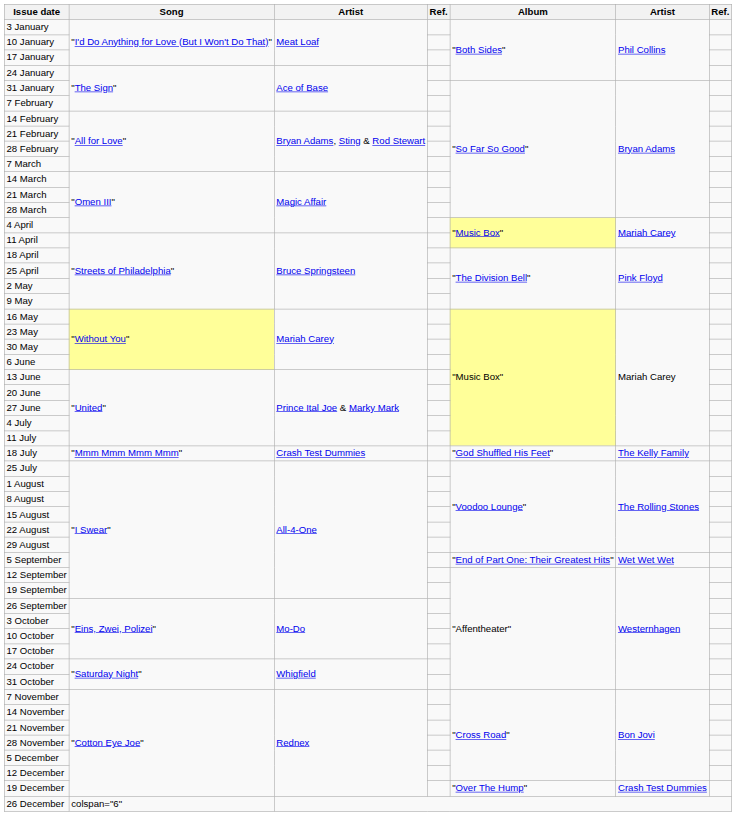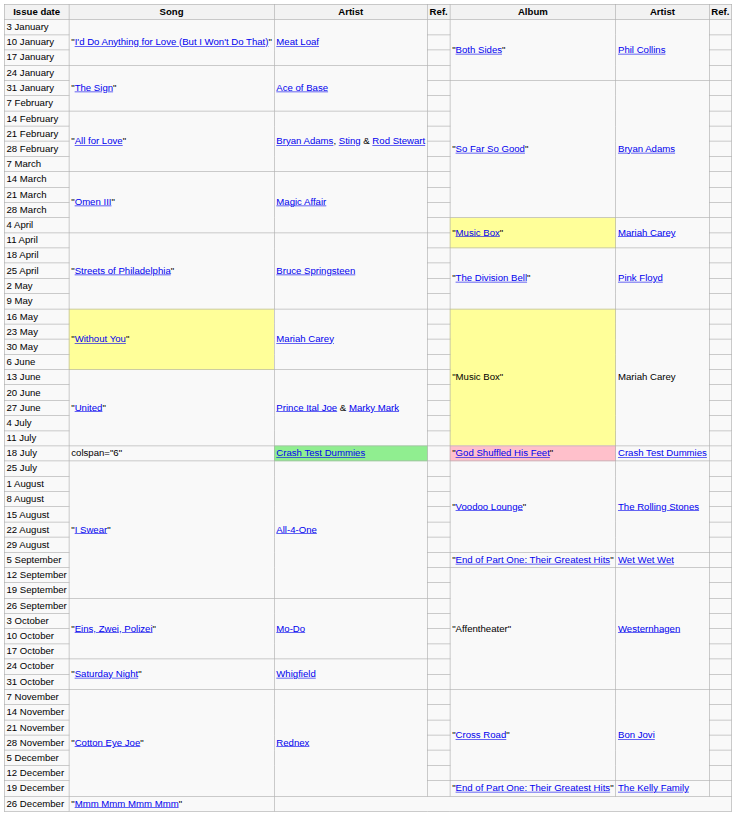 <table class="sortable wikitable">
 <tr>
 <th>Issue date</th>
 <th>Song</th>
 <th>Artist</th>
 <th>Ref.</th>
 <th>Album</th>
 <th>Artist</th>
 <th>Ref.</th>
 </tr>
 <tr>
 <td>3 January</td>
 <td rowspan="3">"<a href='#'>I'd Do Anything for Love (But I Won't Do That)</a>"</td>
 <td rowspan="3"><a href='#'>Meat Loaf</a></td>
 <td align="center"></td>
 <td rowspan="4">"<a href='#'>Both Sides</a>"</td>
 <td rowspan="4"><a href='#'>Phil Collins</a></td>
 <td align="center"></td>
 </tr>
 <tr>
 <td>10 January</td>
 <td align="center"></td>
 <td align="center"></td>
 </tr>
 <tr>
 <td>17 January</td>
 <td align="center"></td>
 <td align="center"></td>
 </tr>
 <tr>
 <td>24 January</td>
 <td rowspan="3">"<a href='#'>The Sign</a>"</td>
 <td rowspan="3"><a href='#'>Ace of Base</a></td>
 <td align="center"></td>
 <td align="center"></td>
 </tr>
 <tr>
 <td>31 January</td>
 <td align="center"></td>
 <td rowspan="9">"<a href='#'>So Far So Good</a>"</td>
 <td rowspan="9"><a href='#'>Bryan Adams</a></td>
 <td align="center"></td>
 </tr>
 <tr>
 <td>7 February</td>
 <td align="center"></td>
 <td align="center"></td>
 </tr>
 <tr>
 <td>14 February</td>
 <td rowspan="4">"<a href='#'>All for Love</a>"</td>
 <td rowspan="4"><a href='#'>Bryan Adams</a>, <a href='#'>Sting</a> & <a href='#'>Rod Stewart</a></td>
 <td align="center"></td>
 <td align="center"></td>
 </tr>
 <tr>
 <td>21 February</td>
 <td align="center"></td>
 <td align="center"></td>
 </tr>
 <tr>
 <td>28 February</td>
 <td align="center"></td>
 <td align="center"></td>
 </tr>
 <tr>
 <td>7 March</td>
 <td align="center"></td>
 <td align="center"></td>
 </tr>
 <tr>
 <td>14 March</td>
 <td rowspan="4">"<a href='#'>Omen III</a>"</td>
 <td rowspan="4"><a href='#'>Magic Affair</a></td>
 <td align="center"></td>
 <td align="center"></td>
 </tr>
 <tr>
 <td>21 March</td>
 <td align="center"></td>
 <td align="center"></td>
 </tr>
 <tr>
 <td>28 March</td>
 <td align="center"></td>
 <td align="center"></td>
 </tr>
 <tr>
 <td>4 April</td>
 <td align="center"></td>
 <td bgcolor=#FFFF99  rowspan="2">"<a href='#'>Music Box</a>" </td>
 <td rowspan="2"><a href='#'>Mariah Carey</a></td>
 <td align="center"></td>
 </tr>
 <tr>
 <td>11 April</td>
 <td rowspan="5">"<a href='#'>Streets of Philadelphia</a>"</td>
 <td rowspan="5"><a href='#'>Bruce Springsteen</a></td>
 <td align="center"></td>
 <td align="center"></td>
 </tr>
 <tr>
 <td>18 April</td>
 <td align="center"></td>
 <td rowspan="4">"<a href='#'>The Division Bell</a>"</td>
 <td rowspan="4"><a href='#'>Pink Floyd</a></td>
 <td align="center"></td>
 </tr>
 <tr>
 <td>25 April</td>
 <td align="center"></td>
 <td align="center"></td>
 </tr>
 <tr>
 <td>2 May</td>
 <td align="center"></td>
 <td align="center"></td>
 </tr>
 <tr>
 <td>9 May</td>
 <td align="center"></td>
 <td align="center"></td>
 </tr>
 <tr>
 <td>16 May</td>
 <td bgcolor=#FFFF99  rowspan="4">"<a href='#'>Without You</a>" </td>
 <td rowspan="4"><a href='#'>Mariah Carey</a></td>
 <td align="center"></td>
 <td bgcolor=#FFFF99  rowspan="9">"Music Box" </td>
 <td rowspan="9">Mariah Carey</td>
 <td align="center"></td>
 </tr>
 <tr>
 <td>23 May</td>
 <td align="center"></td>
 <td align="center"></td>
 </tr>
 <tr>
 <td>30 May</td>
 <td align="center"></td>
 <td align="center"></td>
 </tr>
 <tr>
 <td>6 June</td>
 <td align="center"></td>
 <td align="center"></td>
 </tr>
 <tr>
 <td>13 June</td>
 <td rowspan="5">"<a href='#'>United</a>"</td>
 <td rowspan="5"><a href='#'>Prince Ital Joe</a> & <a href='#'>Marky Mark</a></td>
 <td align="center"></td>
 <td align="center"></td>
 </tr>
 <tr>
 <td>20 June</td>
 <td align="center"></td>
 <td align="center"></td>
 </tr>
 <tr>
 <td>27 June</td>
 <td align="center"></td>
 <td align="center"></td>
 </tr>
 <tr>
 <td>4 July</td>
 <td align="center"></td>
 <td align="center"></td>
 </tr>
 <tr>
 <td>11 July</td>
 <td align="center"></td>
 <td align="center"></td>
 </tr>
 <tr>
 <td>18 July</td>
-<td>"<a href='#'>Mmm Mmm Mmm Mmm</a>"</td>
+<td>colspan="6" </td>
+<td style="background: lightgreen;"><a href='#'>Crash Test Dummies</a></td>
+<td align="center"></td>
+<td style="background: pink;">"<a href='#'>God Shuffled His Feet</a>"</td>
 <td><a href='#'>Crash Test Dummies</a></td>
-<td align="center"></td>
-<td>"<a href='#'>God Shuffled His Feet</a>"</td>
-<td><a href='#'>The Kelly Family</a></td>
 <td align="center"></td>
 </tr>
 <tr>
 <td>25 July</td>
 <td rowspan="9">"<a href='#'>I Swear</a>"</td>
 <td rowspan="9"><a href='#'>All-4-One</a></td>
 <td align="center"></td>
 <td rowspan="6">"<a href='#'>Voodoo Lounge</a>"</td>
 <td rowspan="6"><a href='#'>The Rolling Stones</a></td>
 <td align="center"></td>
 </tr>
 <tr>
 <td>1 August</td>
 <td align="center"></td>
 <td align="center"></td>
 </tr>
 <tr>
 <td>8 August</td>
 <td align="center"></td>
 <td align="center"></td>
 </tr>
 <tr>
 <td>15 August</td>
 <td align="center"></td>
 <td align="center"></td>
 </tr>
 <tr>
 <td>22 August</td>
 <td align="center"></td>
 <td align="center"></td>
 </tr>
 <tr>
 <td>29 August</td>
 <td align="center"></td>
 <td align="center"></td>
 </tr>
 <tr>
 <td>5 September</td>
 <td align="center"></td>
 <td>"<a href='#'>End of Part One: Their Greatest Hits</a>"</td>
 <td><a href='#'>Wet Wet Wet</a></td>
 <td align="center"></td>
 </tr>
 <tr>
 <td>12 September</td>
 <td align="center"></td>
 <td rowspan="8">"Affentheater"</td>
 <td rowspan="8"><a href='#'>Westernhagen</a></td>
 <td align="center"></td>
 </tr>
 <tr>
 <td>19 September</td>
 <td align="center"></td>
 <td align="center"></td>
 </tr>
 <tr>
 <td>26 September</td>
 <td rowspan="4">"<a href='#'>Eins, Zwei, Polizei</a>"</td>
 <td rowspan="4"><a href='#'>Mo-Do</a></td>
 <td align="center"></td>
 <td align="center"></td>
 </tr>
 <tr>
 <td>3 October</td>
 <td align="center"></td>
 <td align="center"></td>
 </tr>
 <tr>
 <td>10 October</td>
 <td align="center"></td>
 <td align="center"></td>
 </tr>
 <tr>
 <td>17 October</td>
 <td align="center"></td>
 <td align="center"></td>
 </tr>
 <tr>
 <td>24 October</td>
 <td rowspan="2">"<a href='#'>Saturday Night</a>"</td>
 <td rowspan="2"><a href='#'>Whigfield</a></td>
 <td align="center"></td>
 <td align="center"></td>
 </tr>
 <tr>
 <td>31 October</td>
 <td align="center"></td>
 <td align="center"></td>
 </tr>
 <tr>
 <td>7 November</td>
 <td rowspan="7">"<a href='#'>Cotton Eye Joe</a>"</td>
 <td rowspan="7"><a href='#'>Rednex</a></td>
 <td align="center"></td>
 <td rowspan="6">"<a href='#'>Cross Road</a>"</td>
 <td rowspan="6"><a href='#'>Bon Jovi</a></td>
 <td align="center"></td>
 </tr>
 <tr>
 <td>14 November</td>
 <td align="center"></td>
 <td align="center"></td>
 </tr>
 <tr>
 <td>21 November</td>
 <td align="center"></td>
 <td align="center"></td>
 </tr>
 <tr>
 <td>28 November</td>
 <td align="center"></td>
 <td align="center"></td>
 </tr>
 <tr>
 <td>5 December</td>
 <td align="center"></td>
 <td align="center"></td>
 </tr>
 <tr>
 <td>12 December</td>
 <td align="center"></td>
 <td align="center"></td>
 </tr>
 <tr>
 <td>19 December</td>
 <td align="center"></td>
-<td>"<a href='#'>Over The Hump</a>"</td>
-<td><a href='#'>Crash Test Dummies</a></td>
+<td>"<a href='#'>End of Part One: Their Greatest Hits</a>"</td>
+<td><a href='#'>The Kelly Family</a></td>
 <td align="center"></td>
 </tr>
 <tr>
 <td>26 December</td>
-<td>colspan="6" </td>
+<td>"<a href='#'>Mmm Mmm Mmm Mmm</a>"</td>
 </tr>
 </table>
